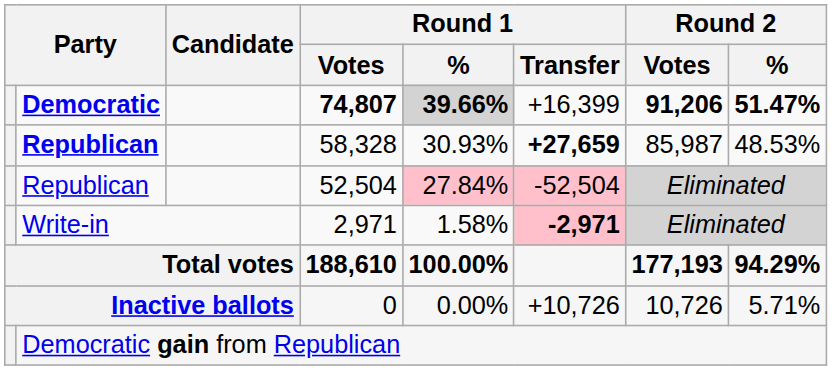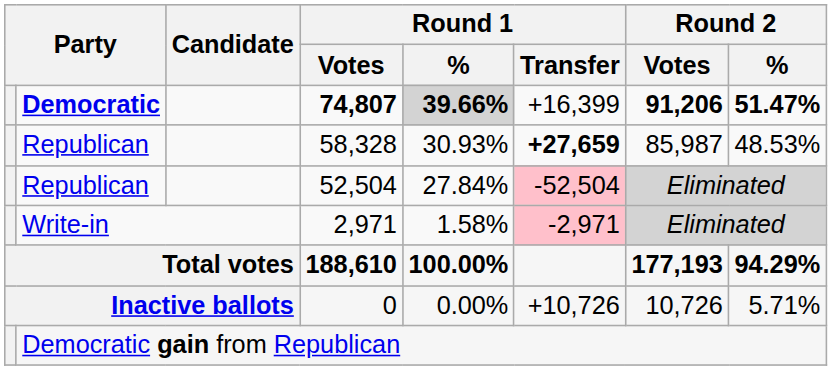 <table class="wikitable sortable" style="text-align:right">
 <tr>
 <th colspan=2 rowspan=2>Party</th>
 <th rowspan=2>Candidate</th>
 <th colspan=3>Round 1</th>
 <th colspan=2>Round 2</th>
 </tr>
 <tr>
 <th>Votes</th>
 <th>%</th>
 <th>Transfer</th>
 <th>Votes</th>
 <th>%</th>
 </tr>
 <tr>
 <th style="background-color:"></th>
 <td style="text-align:left"><strong><a href='#'>Democratic</a></strong></td>
 <td style="text-align:left" scope="row"><strong></strong></td>
 <td><strong>74,807</strong></td>
 <td style="background: lightgrey;"><strong>39.66%</strong></td>
 <td>+16,399</td>
 <td><strong>91,206</strong></td>
 <td><strong>51.47%</strong></td>
 </tr>
 <tr>
 <th style="background-color:"></th>
-<td style="text-align:left"><strong><a href='#'>Republican</a></strong></td>
+<td style="text-align:left"><a href='#'>Republican</a></td>
 <td style="text-align:left" scope="row"></td>
 <td>58,328</td>
 <td>30.93%</td>
 <td><strong>+27,659</strong></td>
 <td>85,987</td>
 <td>48.53%</td>
 </tr>
 <tr>
 <th style="background-color:"></th>
 <td style="text-align:left"><a href='#'>Republican</a></td>
 <td style="text-align:left" scope="row"></td>
 <td>52,504</td>
-<td style="background: pink;">27.84%</td>
+<td>27.84%</td>
 <td style="background:pink;">-52,504</td>
 <td colspan="2"  style="background:lightgrey; text-align:center;"><em>Eliminated</em></td>
 </tr>
 <tr>
 <th style="background-color:"></th>
 <td style="text-align:left" colspan=2><a href='#'>Write-in</a></td>
 <td>2,971</td>
 <td>1.58%</td>
-<td style="background:pink;"><strong>-2,971</strong></td>
+<td style="background:pink;">-2,971</td>
 <td colspan="2"  style="background:lightgrey; text-align:center;"><em>Eliminated</em></td>
 </tr>
 <tr class="sortbottom" style="background:#f6f6f6;">
 <th colspan=3 scope="row" style="text-align:right;">Total votes</th>
 <td><strong>188,610</strong></td>
 <td><strong>100.00%</strong></td>
 <td></td>
 <td><strong>177,193</strong></td>
 <td><strong>94.29%</strong></td>
 </tr>
 <tr class="sortbottom" style="background:#f6f6f6;">
 <th colspan=3 scope="row" style="text-align:right;"><a href='#'>Inactive ballots</a></th>
 <td>0</td>
 <td>0.00%</td>
 <td>+10,726</td>
 <td>10,726</td>
 <td>5.71%</td>
 </tr>
 <tr class="sortbottom" style="background:#f6f6f6;">
 <th style="background-color:"></th>
 <td style="text-align:left" colspan=8><a href='#'>Democratic</a> <strong>gain</strong> from <a href='#'>Republican</a></td>
 </tr>
 </table>
